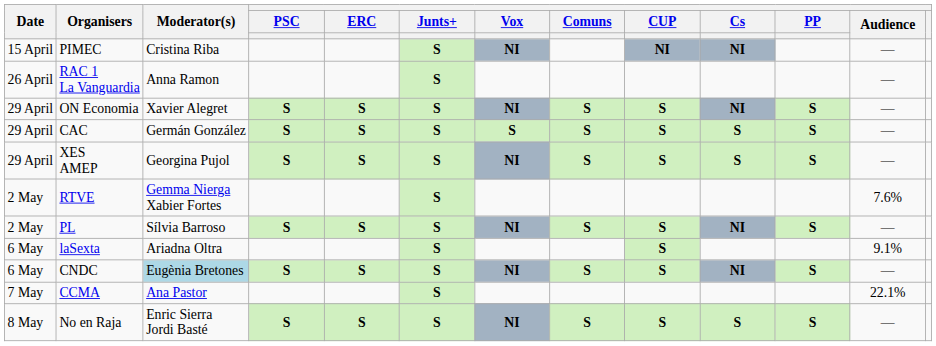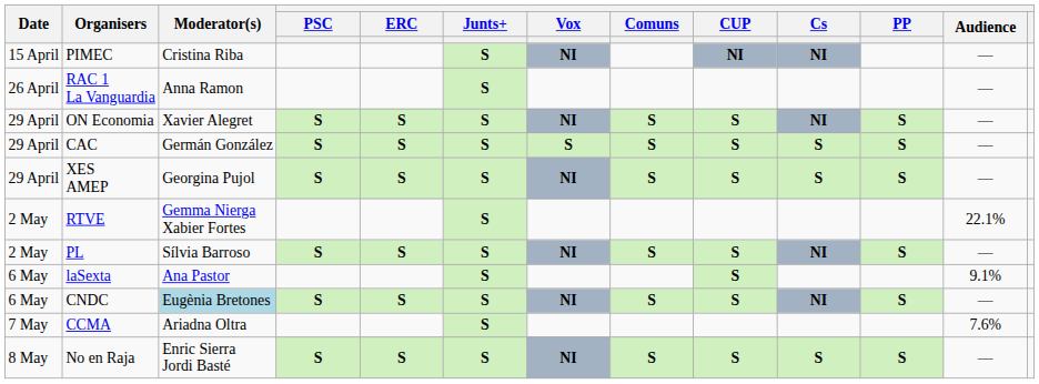 <table class="wikitable" style="text-align:center;">
 <tr>
 <th rowspan="3">Date</th>
 <th rowspan="3">Organisers</th>
 <th rowspan="3">Moderator(s)</th>
 <th colspan="11">        </th>
 </tr>
 <tr>
 <th scope="col" style="width:5em;"><a href='#'>PSC</a></th>
 <th scope="col" style="width:5em;"><a href='#'>ERC</a></th>
 <th scope="col" style="width:5em;"><a href='#'>Junts+</a></th>
 <th scope="col" style="width:5em;"><a href='#'>Vox</a></th>
 <th scope="col" style="width:5em;"><a href='#'>Comuns</a></th>
 <th scope="col" style="width:5em;"><a href='#'>CUP</a></th>
 <th scope="col" style="width:5em;"><a href='#'>Cs</a></th>
 <th scope="col" style="width:5em;"><a href='#'>PP</a></th>
 <th rowspan="2" scope="col" style="width:5em;">Audience</th>
 <th rowspan="2"></th>
 </tr>
 <tr>
 <th style="color:inherit;background:"></th>
 <th style="color:inherit;background:"></th>
 <th style="color:inherit;background:"></th>
 <th style="color:inherit;background:"></th>
 <th style="color:inherit;background:"></th>
 <th style="color:inherit;background:"></th>
 <th style="color:inherit;background:"></th>
 <th style="color:inherit;background:"></th>
 </tr>
 <tr>
 <td style="white-space:nowrap; text-align:left;">15 April</td>
 <td style="white-space:nowrap; text-align:left;">PIMEC</td>
 <td style="white-space:nowrap; text-align:left;">Cristina Riba</td>
 <td></td>
 <td></td>
 <td style="background:#D0F0C0;"><strong>S</strong><br></td>
 <td style="background:#A2B2C2;"><strong>NI</strong></td>
 <td></td>
 <td style="background:#A2B2C2;"><strong>NI</strong></td>
 <td style="background:#A2B2C2;"><strong>NI</strong></td>
 <td></td>
 <td>—</td>
 <td></td>
 </tr>
 <tr>
 <td style="white-space:nowrap; text-align:left;">26 April</td>
 <td style="white-space:nowrap; text-align:left;"><a href='#'>RAC 1</a><br><a href='#'>La Vanguardia</a></td>
 <td style="white-space:nowrap; text-align:left;">Anna Ramon</td>
 <td></td>
 <td></td>
 <td style="background:#D0F0C0;"><strong>S</strong><br></td>
 <td></td>
 <td></td>
 <td></td>
 <td></td>
 <td></td>
 <td>—</td>
 <td></td>
 </tr>
 <tr>
 <td style="white-space:nowrap; text-align:left;">29 April</td>
 <td style="white-space:nowrap; text-align:left;">ON Economia</td>
 <td style="white-space:nowrap; text-align:left;">Xavier Alegret</td>
 <td style="background:#D0F0C0;"><strong>S</strong><br></td>
 <td style="background:#D0F0C0;"><strong>S</strong><br></td>
 <td style="background:#D0F0C0;"><strong>S</strong><br></td>
 <td style="background:#A2B2C2;"><strong>NI</strong></td>
 <td style="background:#D0F0C0;"><strong>S</strong><br></td>
 <td style="background:#D0F0C0;"><strong>S</strong><br></td>
 <td style="background:#A2B2C2;"><strong>NI</strong></td>
 <td style="background:#D0F0C0;"><strong>S</strong><br></td>
 <td>—</td>
 <td></td>
 </tr>
 <tr>
 <td style="white-space:nowrap; text-align:left;">29 April</td>
 <td style="white-space:nowrap; text-align:left;">CAC</td>
 <td style="white-space:nowrap; text-align:left;">Germán González</td>
 <td style="background:#D0F0C0;"><strong>S</strong><br></td>
 <td style="background:#D0F0C0;"><strong>S</strong><br></td>
 <td style="background:#D0F0C0;"><strong>S</strong><br></td>
 <td style="background:#D0F0C0;"><strong>S</strong><br></td>
 <td style="background:#D0F0C0;"><strong>S</strong><br></td>
 <td style="background:#D0F0C0;"><strong>S</strong><br></td>
 <td style="background:#D0F0C0;"><strong>S</strong><br></td>
 <td style="background:#D0F0C0;"><strong>S</strong><br></td>
 <td>—</td>
 <td></td>
 </tr>
 <tr>
 <td style="white-space:nowrap; text-align:left;">29 April</td>
 <td style="white-space:nowrap; text-align:left;">XES<br>AMEP</td>
 <td style="white-space:nowrap; text-align:left;">Georgina Pujol</td>
 <td style="background:#D0F0C0;"><strong>S</strong><br></td>
 <td style="background:#D0F0C0;"><strong>S</strong><br></td>
 <td style="background:#D0F0C0;"><strong>S</strong><br></td>
 <td style="background:#A2B2C2;"><strong>NI</strong></td>
 <td style="background:#D0F0C0;"><strong>S</strong><br></td>
 <td style="background:#D0F0C0;"><strong>S</strong><br></td>
 <td style="background:#D0F0C0;"><strong>S</strong><br></td>
 <td style="background:#D0F0C0;"><strong>S</strong><br></td>
 <td>—</td>
 <td></td>
 </tr>
 <tr>
 <td style="white-space:nowrap; text-align:left;">2 May</td>
 <td style="white-space:nowrap; text-align:left;"><a href='#'>RTVE</a></td>
 <td style="white-space:nowrap; text-align:left;"><a href='#'>Gemma Nierga</a><br>Xabier Fortes</td>
 <td></td>
 <td></td>
 <td style="background:#D0F0C0;"><strong>S</strong><br></td>
 <td></td>
 <td></td>
 <td></td>
 <td></td>
 <td></td>
-<td>7.6%<br></td>
+<td>22.1%<br></td>
 <td><br></td>
 </tr>
 <tr>
 <td style="white-space:nowrap; text-align:left;">2 May</td>
 <td style="white-space:nowrap; text-align:left;"><a href='#'>PL</a></td>
 <td style="white-space:nowrap; text-align:left;">Sílvia Barroso</td>
 <td style="background:#D0F0C0;"><strong>S</strong><br></td>
 <td style="background:#D0F0C0;"><strong>S</strong><br></td>
 <td style="background:#D0F0C0;"><strong>S</strong><br></td>
 <td style="background:#A2B2C2;"><strong>NI</strong></td>
 <td style="background:#D0F0C0;"><strong>S</strong><br></td>
 <td style="background:#D0F0C0;"><strong>S</strong><br></td>
 <td style="background:#A2B2C2;"><strong>NI</strong></td>
 <td style="background:#D0F0C0;"><strong>S</strong><br></td>
 <td>—</td>
 <td></td>
 </tr>
 <tr>
 <td style="white-space:nowrap; text-align:left;">6 May</td>
 <td style="white-space:nowrap; text-align:left;"><a href='#'>laSexta</a></td>
-<td style="white-space:nowrap; text-align:left;">Ariadna Oltra</td>
+<td style="white-space:nowrap; text-align:left;"><a href='#'>Ana Pastor</a></td>
 <td></td>
 <td></td>
 <td style="background:#D0F0C0;"><strong>S</strong><br></td>
 <td></td>
 <td></td>
 <td style="background:#D0F0C0;"><strong>S</strong><br></td>
 <td></td>
 <td></td>
 <td>9.1%<br></td>
 <td><br></td>
 </tr>
 <tr>
 <td style="white-space:nowrap; text-align:left;">6 May</td>
 <td style="white-space:nowrap; text-align:left;">CNDC</td>
 <td style="background: lightblue; white-space:nowrap; text-align:left;">Eugènia Bretones</td>
 <td style="background:#D0F0C0;"><strong>S</strong><br></td>
 <td style="background:#D0F0C0;"><strong>S</strong><br></td>
 <td style="background:#D0F0C0;"><strong>S</strong><br></td>
 <td style="background:#A2B2C2;"><strong>NI</strong></td>
 <td style="background:#D0F0C0;"><strong>S</strong><br></td>
 <td style="background:#D0F0C0;"><strong>S</strong><br></td>
 <td style="background:#A2B2C2;"><strong>NI</strong></td>
 <td style="background:#D0F0C0;"><strong>S</strong><br></td>
 <td>—</td>
 <td></td>
 </tr>
 <tr>
 <td style="white-space:nowrap; text-align:left;">7 May</td>
 <td style="white-space:nowrap; text-align:left;"><a href='#'>CCMA</a></td>
-<td style="white-space:nowrap; text-align:left;"><a href='#'>Ana Pastor</a></td>
+<td style="white-space:nowrap; text-align:left;">Ariadna Oltra</td>
 <td></td>
 <td></td>
 <td style="background:#D0F0C0;"><strong>S</strong><br></td>
 <td></td>
 <td></td>
 <td></td>
 <td></td>
 <td></td>
-<td>22.1%<br></td>
+<td>7.6%<br></td>
 <td><br></td>
 </tr>
 <tr>
 <td style="white-space:nowrap; text-align:left;">8 May</td>
 <td style="white-space:nowrap; text-align:left;">No en Raja</td>
 <td style="white-space:nowrap; text-align:left;">Enric Sierra<br>Jordi Basté</td>
 <td style="background:#D0F0C0;"><strong>S</strong><br></td>
 <td style="background:#D0F0C0;"><strong>S</strong><br></td>
 <td style="background:#D0F0C0;"><strong>S</strong><br></td>
 <td style="background:#A2B2C2;"><strong>NI</strong></td>
 <td style="background:#D0F0C0;"><strong>S</strong><br></td>
 <td style="background:#D0F0C0;"><strong>S</strong><br></td>
 <td style="background:#D0F0C0;"><strong>S</strong><br></td>
 <td style="background:#D0F0C0;"><strong>S</strong><br></td>
 <td>—</td>
 <td></td>
 </tr>
 </table>
